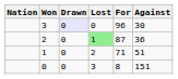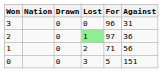 <table class="wikitable">
 <tr>
+<th>Won</th>
 <th>Nation</th>
-<th>Won</th>
 <th>Drawn</th>
 <th>Lost</th>
 <th>For</th>
 <th>Against</th>
 </tr>
 <tr>
+<td>3</td>
 <td></td>
-<td>3</td>
-<td style="background: lavender;">0</td>
+<td>0</td>
 <td>0</td>
 <td>96</td>
-<td>30</td>
+<td>31</td>
 </tr>
 <tr>
+<td>2</td>
 <td></td>
-<td>2</td>
 <td>0</td>
 <td style="background: lightgreen;">1</td>
-<td>87</td>
+<td>97</td>
 <td>36</td>
 </tr>
 <tr>
+<td>1</td>
 <td></td>
-<td>1</td>
 <td>0</td>
 <td>2</td>
 <td>71</td>
-<td>51</td>
+<td>56</td>
 </tr>
 <tr>
+<td>0</td>
 <td></td>
 <td>0</td>
-<td>0</td>
 <td>3</td>
-<td>8</td>
+<td>5</td>
 <td>151</td>
 </tr>
 </table>
